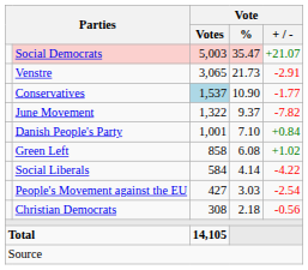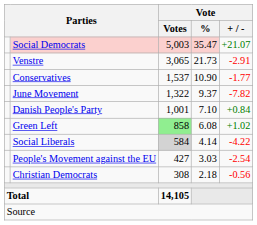 <table class="wikitable" style="text-align:right;">
 <tr>
 <th style="text-align:centre;" rowspan="2" colspan="2" width="225">Parties</th>
 <th colspan="3">Vote</th>
 </tr>
 <tr>
 <th width="15">Votes</th>
 <th width="15">%</th>
 <th width="15">+ / -</th>
 </tr>
 <tr>
 <td width="2" style="color:inherit;background:"></td>
 <td bgcolor=#fbd0ce   align="left"><a href='#'>Social Democrats</a></td>
 <td bgcolor=#fbd0ce>5,003</td>
 <td bgcolor=#fbd0ce>35.47</td>
 <td style=color:green;>+21.07</td>
 </tr>
 <tr>
 <td width="2" style="color:inherit;background:"></td>
 <td align="left"><a href='#'>Venstre</a></td>
 <td>3,065</td>
 <td>21.73</td>
 <td style=color:red;>-2.91</td>
 </tr>
 <tr>
 <td width="2" style="color:inherit;background:"></td>
 <td align="left"><a href='#'>Conservatives</a></td>
-<td style="background: lightblue;">1,537</td>
+<td>1,537</td>
 <td>10.90</td>
 <td style=color:red;>-1.77</td>
 </tr>
 <tr>
 <td width="2" style="color:inherit;background:"></td>
 <td align="left"><a href='#'>June Movement</a></td>
 <td>1,322</td>
 <td>9.37</td>
 <td style=color:red;>-7.82</td>
 </tr>
 <tr>
 <td width="2" style="color:inherit;background:"></td>
 <td align="left"><a href='#'>Danish People's Party</a></td>
 <td>1,001</td>
 <td>7.10</td>
 <td style=color:green;>+0.84</td>
 </tr>
 <tr>
 <td width="2" style="color:inherit;background:"></td>
 <td align="left"><a href='#'>Green Left</a></td>
-<td>858</td>
+<td style="background: lightgreen;">858</td>
 <td>6.08</td>
 <td style=color:green;>+1.02</td>
 </tr>
 <tr>
 <td width="2" style="color:inherit;background:"></td>
 <td align="left"><a href='#'>Social Liberals</a></td>
-<td>584</td>
+<td style="background: lightgrey;">584</td>
 <td>4.14</td>
 <td style=color:red;>-4.22</td>
 </tr>
 <tr>
 <td width="2" style="color:inherit;background:"></td>
 <td align="left"><a href='#'>People's Movement against the EU</a></td>
 <td>427</td>
 <td>3.03</td>
 <td style=color:red;>-2.54</td>
 </tr>
 <tr>
 <td width="2" style="color:inherit;background:"></td>
 <td align="left"><a href='#'>Christian Democrats</a></td>
 <td>308</td>
 <td>2.18</td>
 <td style=color:red;>-0.56</td>
 </tr>
 <tr>
 <td colspan="7" bgcolor="#E9E9E9"></td>
 </tr>
 <tr>
 <td align="left" colspan="2"><strong>Total</strong></td>
 <td><strong>14,105</strong></td>
 <td bgcolor="#E9E9E9" colspan="2"></td>
 </tr>
 <tr>
 <td align="left" colspan="6">Source</td>
 </tr>
 </table>
